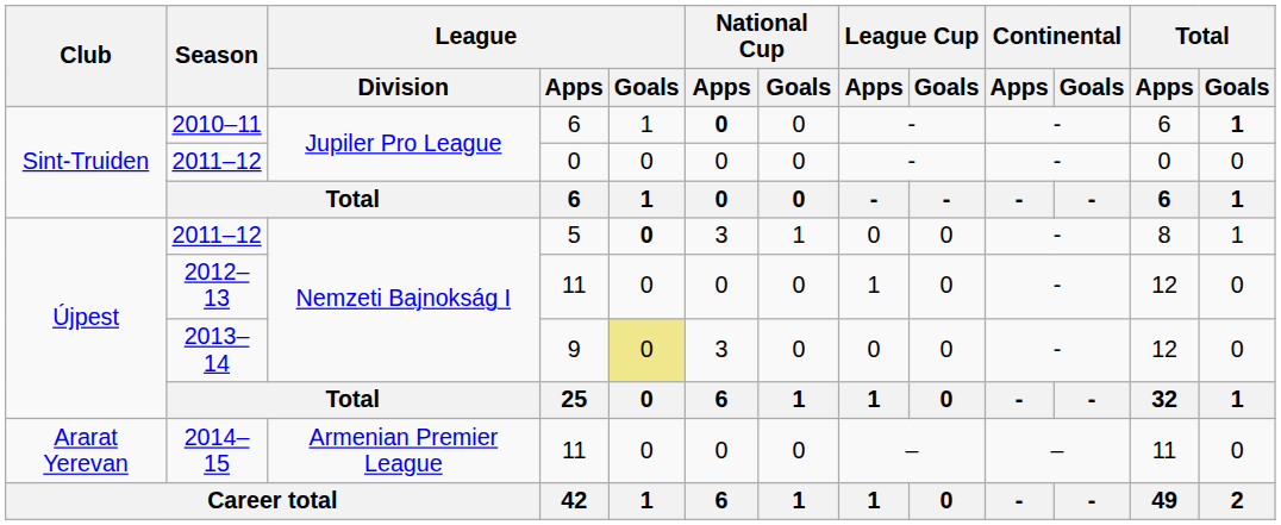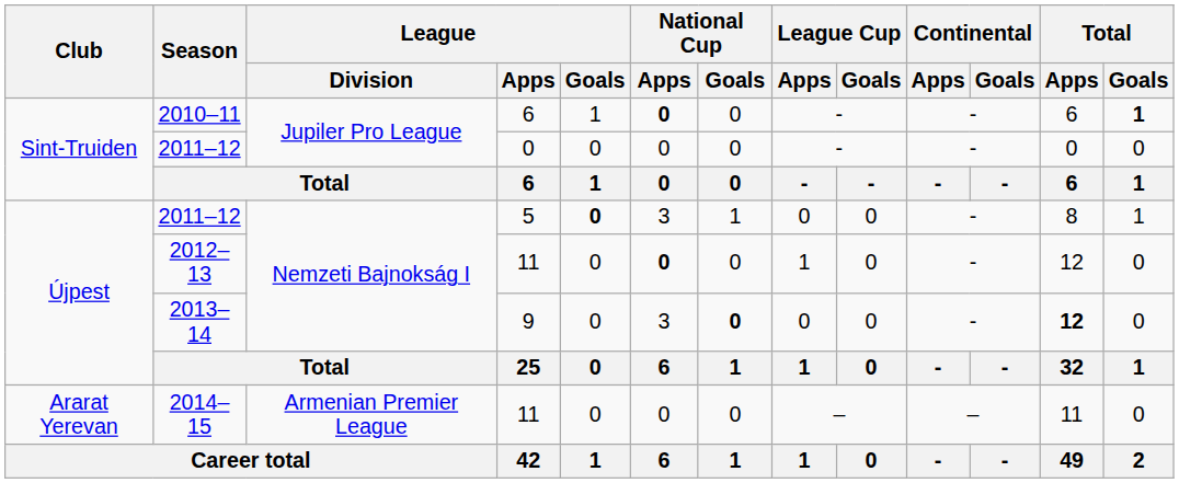 <table class="wikitable" style="text-align: center;">
 <tr>
 <th rowspan="2">Club</th>
 <th rowspan="2">Season</th>
 <th colspan="3">League</th>
 <th colspan="2">National Cup</th>
 <th colspan="2">League Cup</th>
 <th colspan="2">Continental</th>
 <th colspan="2">Total</th>
 </tr>
 <tr>
 <th>Division</th>
 <th>Apps</th>
 <th>Goals</th>
 <th>Apps</th>
 <th>Goals</th>
 <th>Apps</th>
 <th>Goals</th>
 <th>Apps</th>
 <th>Goals</th>
 <th>Apps</th>
 <th>Goals</th>
 </tr>
 <tr>
 <td rowspan="3" valign="center"><a href='#'>Sint-Truiden</a></td>
 <td><a href='#'>2010–11</a></td>
 <td rowspan="2" valign="center"><a href='#'>Jupiler Pro League</a></td>
 <td>6</td>
 <td>1</td>
 <td><strong>0</strong></td>
 <td>0</td>
 <td colspan="2">-</td>
 <td colspan="2">-</td>
 <td>6</td>
 <td><strong>1</strong></td>
 </tr>
 <tr>
 <td><a href='#'>2011–12</a></td>
 <td>0</td>
 <td>0</td>
 <td>0</td>
 <td>0</td>
 <td colspan="2">-</td>
 <td colspan="2">-</td>
 <td>0</td>
 <td>0</td>
 </tr>
 <tr>
 <th colspan="2">Total</th>
 <th>6</th>
 <th>1</th>
 <th>0</th>
 <th>0</th>
 <th>-</th>
 <th>-</th>
 <th>-</th>
 <th>-</th>
 <th>6</th>
 <th>1</th>
 </tr>
 <tr>
 <td rowspan="4" valign="center"><a href='#'>Újpest</a></td>
 <td><a href='#'>2011–12</a></td>
 <td rowspan="3" valign="center"><a href='#'>Nemzeti Bajnokság I</a></td>
 <td>5</td>
 <td><strong>0</strong></td>
 <td>3</td>
 <td>1</td>
 <td>0</td>
 <td>0</td>
 <td colspan="2">-</td>
 <td>8</td>
 <td>1</td>
 </tr>
 <tr>
 <td><a href='#'>2012–13</a></td>
 <td>11</td>
 <td>0</td>
-<td>0</td>
+<td><strong>0</strong></td>
 <td>0</td>
 <td>1</td>
 <td>0</td>
 <td colspan="2">-</td>
 <td>12</td>
 <td>0</td>
 </tr>
 <tr>
 <td><a href='#'>2013–14</a></td>
 <td>9</td>
-<td style="background: khaki;">0</td>
+<td>0</td>
 <td>3</td>
-<td>0</td>
+<td><strong>0</strong></td>
 <td>0</td>
 <td>0</td>
 <td colspan="2">-</td>
-<td>12</td>
+<td><strong>12</strong></td>
 <td>0</td>
 </tr>
 <tr>
 <th colspan="2">Total</th>
 <th>25</th>
 <th>0</th>
 <th>6</th>
 <th>1</th>
 <th>1</th>
 <th>0</th>
 <th>-</th>
 <th>-</th>
 <th>32</th>
 <th>1</th>
 </tr>
 <tr>
 <td valign="center"><a href='#'>Ararat Yerevan</a></td>
 <td><a href='#'>2014–15</a></td>
 <td><a href='#'>Armenian Premier League</a></td>
 <td>11</td>
 <td>0</td>
 <td>0</td>
 <td>0</td>
 <td colspan="2">–</td>
 <td colspan="2">–</td>
 <td>11</td>
 <td>0</td>
 </tr>
 <tr>
 <th colspan="3">Career total</th>
 <th>42</th>
 <th>1</th>
 <th>6</th>
 <th>1</th>
 <th>1</th>
 <th>0</th>
 <th>-</th>
 <th>-</th>
 <th>49</th>
 <th>2</th>
 </tr>
 </table>
